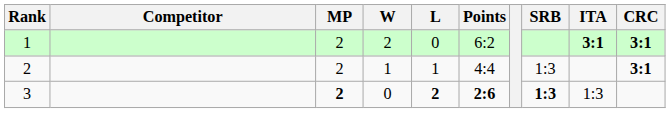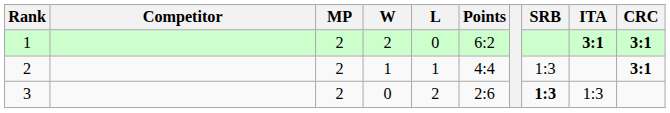 <table class="wikitable" style="text-align:center">
 <tr>
 <th>Rank</th>
 <th style="width:16em">Competitor</th>
 <th style="width:2.5em">MP</th>
 <th style="width:2.5em">W</th>
 <th style="width:2.5em">L</th>
 <th>Points</th>
 <th rowspan="4"> </th>
 <th style="width:2.5em">SRB</th>
 <th style="width:2.5em">ITA</th>
 <th style="width:2.5em">CRC</th>
 </tr>
 <tr style="background:#cfc;">
 <td>1</td>
 <td style="text-align:left"></td>
 <td>2</td>
 <td>2</td>
 <td>0</td>
 <td>6:2</td>
 <td></td>
 <td><strong>3:1</strong></td>
 <td><strong>3:1</strong></td>
 </tr>
 <tr>
 <td>2</td>
 <td style="text-align:left"></td>
 <td>2</td>
 <td>1</td>
 <td>1</td>
 <td>4:4</td>
 <td>1:3</td>
 <td></td>
 <td><strong>3:1</strong></td>
 </tr>
 <tr>
 <td>3</td>
 <td style="text-align:left"></td>
-<td><strong>2</strong></td>
+<td>2</td>
 <td>0</td>
-<td><strong>2</strong></td>
-<td><strong>2:6</strong></td>
+<td>2</td>
+<td>2:6</td>
 <td><strong>1:3</strong></td>
 <td>1:3</td>
 <td></td>
 </tr>
 </table>
